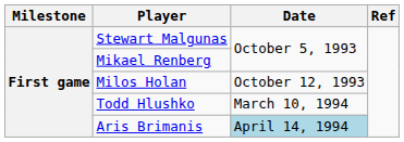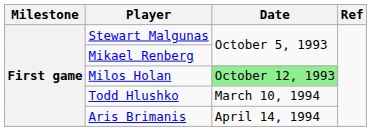 <table class="wikitable">
 <tr>
 <th scope="col">Milestone</th>
 <th scope="col">Player</th>
 <th scope="col">Date</th>
 <th scope="col">Ref</th>
 </tr>
 <tr>
 <th rowspan=5>First game</th>
 <td><a href='#'>Stewart Malgunas</a></td>
 <td rowspan=2>October 5, 1993</td>
 <td rowspan=5></td>
 </tr>
 <tr>
 <td><a href='#'>Mikael Renberg</a></td>
 </tr>
 <tr>
 <td><a href='#'>Milos Holan</a></td>
-<td>October 12, 1993</td>
+<td style="background: lightgreen;">October 12, 1993</td>
 </tr>
 <tr>
 <td><a href='#'>Todd Hlushko</a></td>
 <td>March 10, 1994</td>
 </tr>
 <tr>
 <td><a href='#'>Aris Brimanis</a></td>
-<td style="background: lightblue;">April 14, 1994</td>
+<td>April 14, 1994</td>
 </tr>
 </table>
